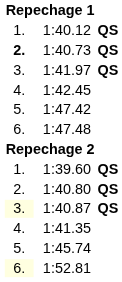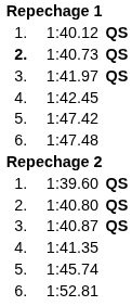 <table style="text-align:center">
 <tr>
 <td colspan=4 align=left><strong>Repechage 1</strong></td>
 </tr>
 <tr>
 <td width=30>1.</td>
 <td align=left></td>
 <td width=60>1:40.12</td>
 <td><strong>QS</strong></td>
 </tr>
 <tr>
 <td><strong>2.</strong></td>
 <td align=left></td>
 <td>1:40.73</td>
 <td><strong>QS</strong></td>
 </tr>
 <tr>
 <td>3.</td>
 <td align=left></td>
 <td>1:41.97</td>
 <td><strong>QS</strong></td>
 </tr>
 <tr>
 <td>4.</td>
 <td align=left></td>
 <td>1:42.45</td>
 <td></td>
 </tr>
 <tr>
 <td>5.</td>
 <td align=left></td>
 <td>1:47.42</td>
 <td></td>
 </tr>
 <tr>
 <td>6.</td>
 <td align=left></td>
 <td>1:47.48</td>
 <td></td>
 </tr>
 <tr>
 <td colspan=4 align=left><strong>Repechage 2</strong></td>
 </tr>
 <tr>
 <td>1.</td>
 <td align=left></td>
 <td>1:39.60</td>
 <td><strong>QS</strong></td>
 </tr>
 <tr>
 <td>2.</td>
 <td align=left></td>
 <td>1:40.80</td>
 <td><strong>QS</strong></td>
 </tr>
 <tr>
-<td style="background: lightyellow;">3.</td>
+<td>3.</td>
 <td align=left></td>
 <td>1:40.87</td>
 <td><strong>QS</strong></td>
 </tr>
 <tr>
 <td>4.</td>
 <td align=left></td>
 <td>1:41.35</td>
 <td></td>
 </tr>
 <tr>
 <td>5.</td>
 <td align=left></td>
 <td>1:45.74</td>
 <td></td>
 </tr>
 <tr>
-<td style="background: lightyellow;">6.</td>
+<td>6.</td>
 <td align=left></td>
 <td>1:52.81</td>
 <td></td>
 </tr>
 </table>
